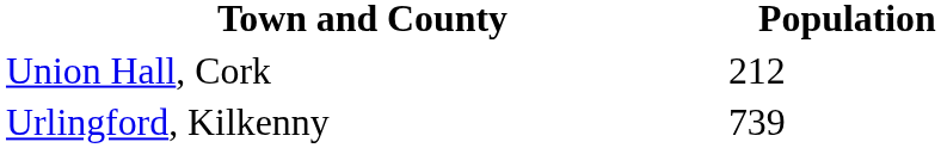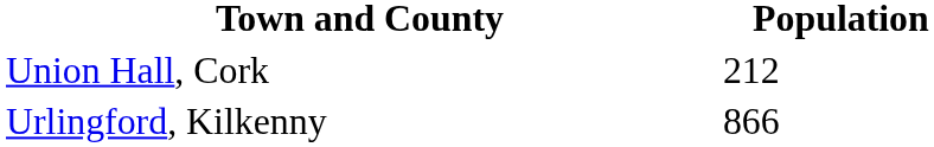 <table>
 <tr>
 <th style="width:300px;align:left;">Town and County</th>
 <th style="width:100px;align:right;">Population</th>
 </tr>
 <tr>
 <td><a href='#'>Union Hall</a>, Cork</td>
 <td>212</td>
 </tr>
 <tr>
 <td><a href='#'>Urlingford</a>, Kilkenny</td>
-<td>739</td>
+<td>866</td>
 </tr>
 </table>
